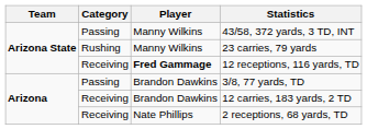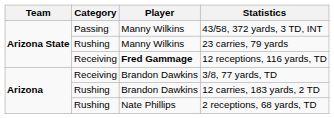 <table class="wikitable" style="float: right;">
 <tr>
 <th>Team</th>
 <th>Category</th>
 <th>Player</th>
 <th>Statistics</th>
 </tr>
 <tr>
 <td rowspan=3><strong>Arizona State</strong></td>
 <td>Passing</td>
 <td>Manny Wilkins</td>
 <td>43/58, 372 yards, 3 TD, INT</td>
 </tr>
 <tr>
 <td>Rushing</td>
 <td>Manny Wilkins</td>
 <td>23 carries, 79 yards</td>
 </tr>
 <tr>
 <td>Receiving</td>
 <td><strong>Fred Gammage</strong></td>
 <td>12 receptions, 116 yards, TD</td>
 </tr>
 <tr>
 <td rowspan=3><strong>Arizona</strong></td>
-<td>Passing</td>
+<td>Receiving</td>
 <td>Brandon Dawkins</td>
 <td>3/8, 77 yards, TD</td>
 </tr>
 <tr>
-<td>Receiving</td>
+<td>Rushing</td>
 <td>Brandon Dawkins</td>
 <td>12 carries, 183 yards, 2 TD</td>
 </tr>
 <tr>
-<td>Receiving</td>
+<td>Rushing</td>
 <td>Nate Phillips</td>
 <td>2 receptions, 68 yards, TD</td>
 </tr>
 </table>
